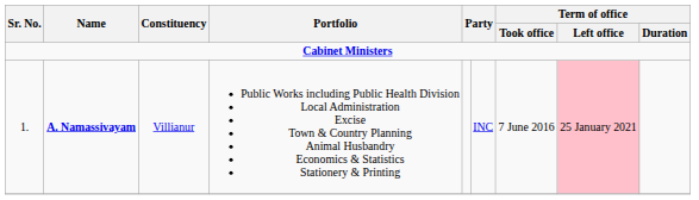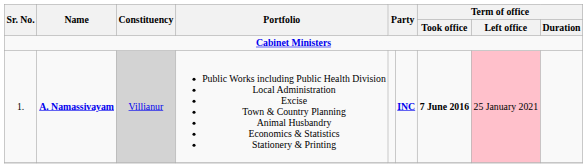 <table class="wikitable sortable" style="text-align:center;">
 <tr>
 <th rowspan = "2">Sr. No.</th>
 <th rowspan = "2">Name</th>
 <th rowspan = "2">Constituency</th>
 <th rowspan = "2">Portfolio</th>
 <th rowspan = "2" colspan="2" scope="col">Party</th>
 <th colspan="3">Term of office</th>
 </tr>
 <tr>
 <th>Took office</th>
 <th>Left office</th>
 <th>Duration</th>
 </tr>
 <tr>
 <td colspan="9" style="text-align: center;"><strong><a href='#'>Cabinet Ministers</a></strong></td>
 </tr>
 <tr>
 <td>1.</td>
 <td><strong><a href='#'>A. Namassivayam</a></strong></td>
-<td><a href='#'>Villianur</a></td>
+<td style="background: lightgrey;"><a href='#'>Villianur</a></td>
 <td><br><ul><li>Public Works including Public Health Division</li><li>Local Administration</li><li>Excise</li><li>Town & Country Planning</li><li>Animal Husbandry</li><li>Economics & Statistics</li><li>Stationery & Printing</li></ul></td>
 <td rowspan="1" width="4px"></td>
-<td rowspan="1"><a href='#'>INC</a></td>
-<td>7 June 2016</td>
+<td rowspan="1"><strong><a href='#'>INC</a></strong></td>
+<td><strong>7 June 2016</strong></td>
 <td style="background: pink;">25 January 2021</td>
 <td></td>
 </tr>
 <tr>
 </tr>
 </table>
